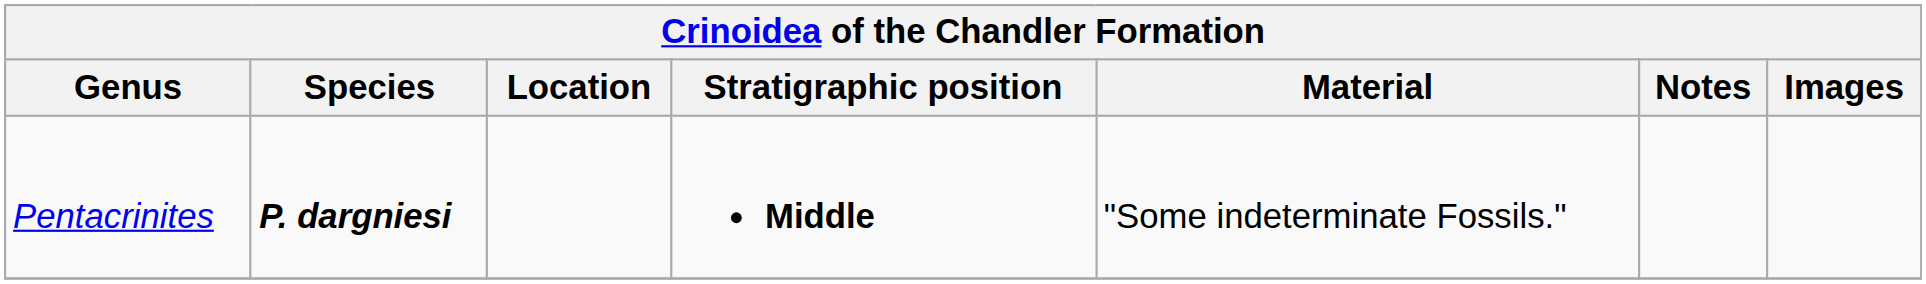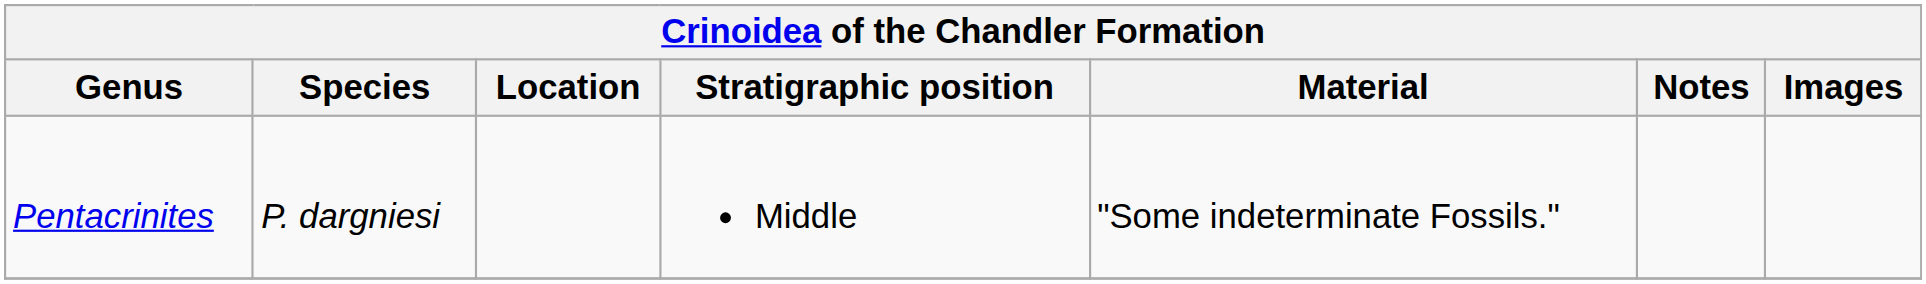 <table class="wikitable" align="center" width="100%">
 <tr>
 <th colspan="7" align="center"><strong><a href='#'>Crinoidea</a> of the Chandler Formation </strong></th>
 </tr>
 <tr>
 <th>Genus</th>
 <th>Species</th>
 <th>Location</th>
 <th>Stratigraphic position</th>
 <th>Material</th>
 <th>Notes</th>
 <th>Images</th>
 </tr>
 <tr>
 <td><br><em><a href='#'>Pentacrinites</a></em></td>
-<td><strong><br><em>P. dargniesi</em></strong></td>
+<td><br><em>P. dargniesi</em></td>
 <td></td>
-<td><strong><br><ul><li>Middle</li></ul></strong></td>
+<td><br><ul><li>Middle</li></ul></td>
 <td><br>"Some indeterminate Fossils."</td>
 <td></td>
 <td></td>
 </tr>
 <tr>
 </tr>
 </table>
